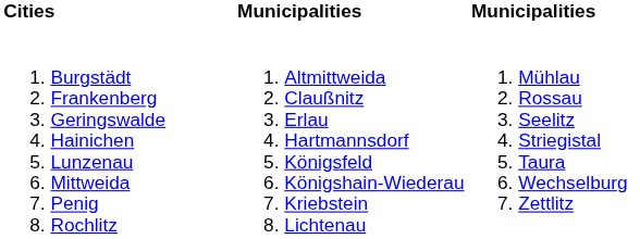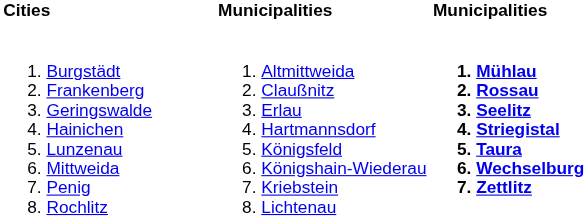 <table>
 <tr>
 <th align=left width=33%>Cities</th>
 <th align=left width=33%>Municipalities</th>
 <th align=left width=33%>Municipalities</th>
 </tr>
 <tr valign=top>
 <td><br><ol><li><a href='#'>Burgstädt</a></li><li><a href='#'>Frankenberg</a></li><li><a href='#'>Geringswalde</a></li><li><a href='#'>Hainichen</a></li><li><a href='#'>Lunzenau</a></li><li><a href='#'>Mittweida</a></li><li><a href='#'>Penig</a></li><li><a href='#'>Rochlitz</a></li></ol></td>
 <td><br><ol><li><a href='#'>Altmittweida</a></li><li><a href='#'>Claußnitz</a></li><li><a href='#'>Erlau</a></li><li><a href='#'>Hartmannsdorf</a></li><li><a href='#'>Königsfeld</a></li><li><a href='#'>Königshain-Wiederau</a></li><li><a href='#'>Kriebstein</a></li><li><a href='#'>Lichtenau</a></li></ol></td>
-<td><br><ol> <li><a href='#'>Mühlau</a> <li><a href='#'>Rossau</a> <li><a href='#'>Seelitz</a> <li><a href='#'>Striegistal</a> <li><a href='#'>Taura</a> <li><a href='#'>Wechselburg</a> <li><a href='#'>Zettlitz</a> </ol></td>
+<td><strong><br><ol> <li><a href='#'>Mühlau</a> <li><a href='#'>Rossau</a> <li><a href='#'>Seelitz</a> <li><a href='#'>Striegistal</a> <li><a href='#'>Taura</a> <li><a href='#'>Wechselburg</a> <li><a href='#'>Zettlitz</a> </ol></strong></td>
 </tr>
 </table>
